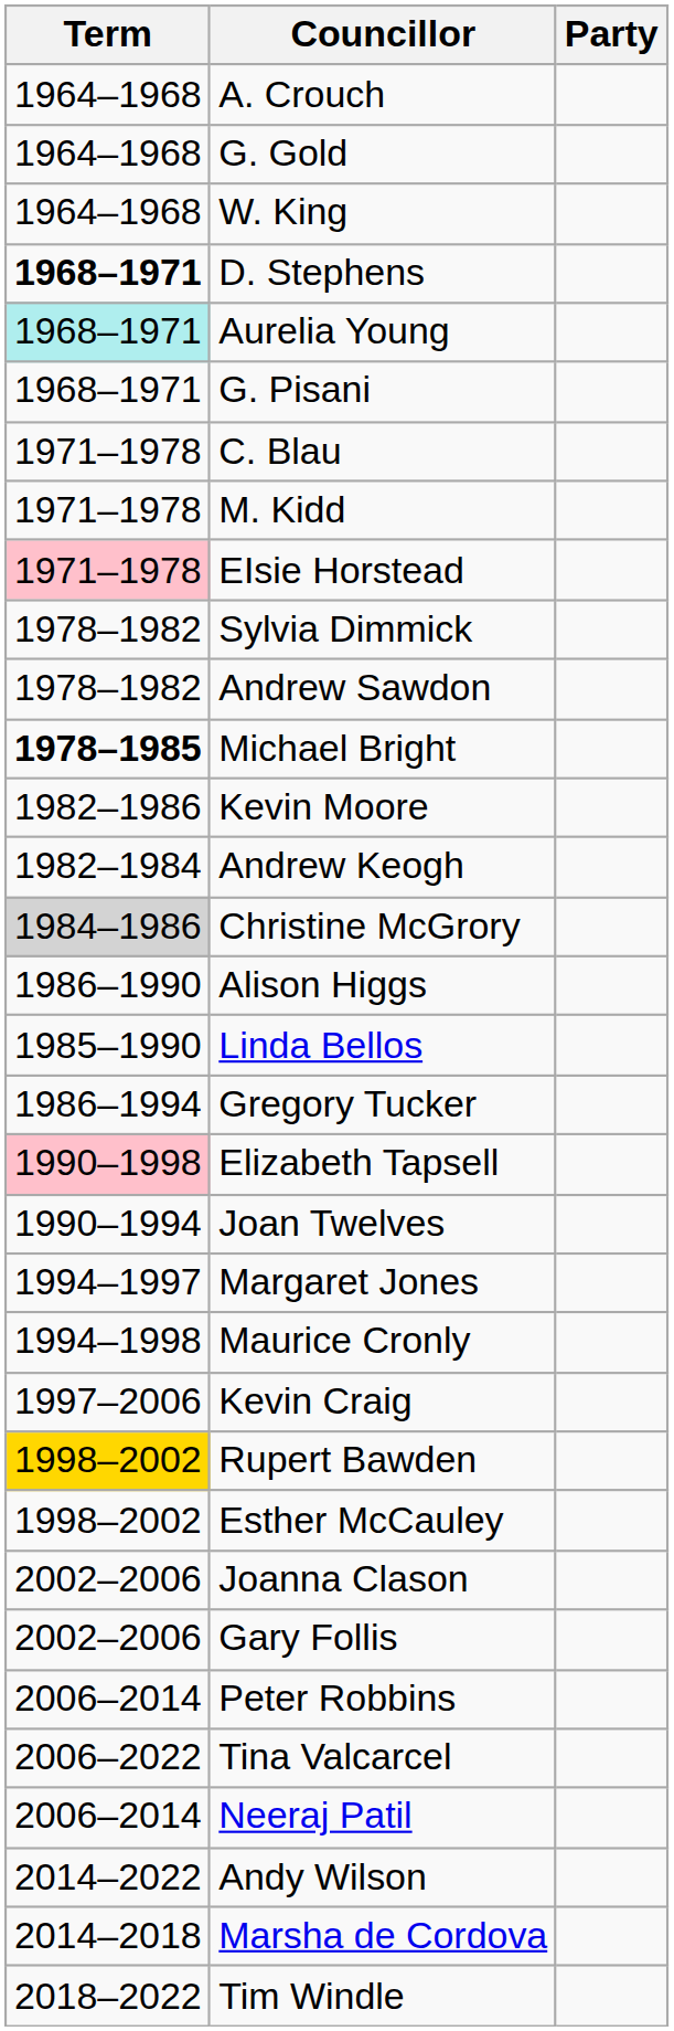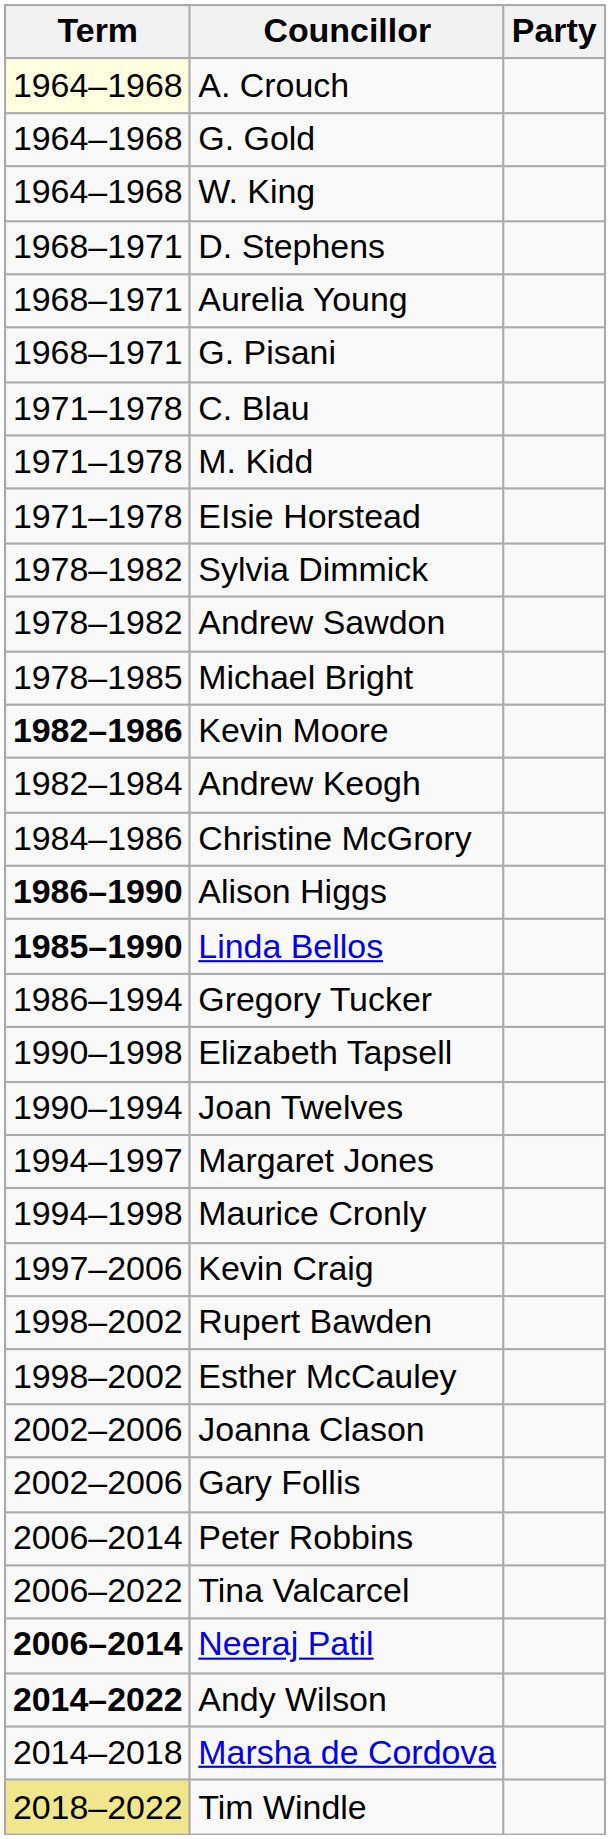 <table class="wikitable">
 <tr>
 <th>Term</th>
 <th>Councillor</th>
 <th colspan=2>Party</th>
 </tr>
 <tr>
-<td>1964–1968</td>
+<td style="background: lightyellow;">1964–1968</td>
 <td>A. Crouch</td>
 <td></td>
 </tr>
 <tr>
 <td>1964–1968</td>
 <td>G. Gold</td>
 <td></td>
 </tr>
 <tr>
 <td>1964–1968</td>
 <td>W. King</td>
 <td></td>
 </tr>
 <tr>
-<td><strong>1968–1971</strong></td>
+<td>1968–1971</td>
 <td>D. Stephens</td>
 <td></td>
 </tr>
 <tr>
-<td style="background: paleturquoise;">1968–1971</td>
+<td>1968–1971</td>
 <td>Aurelia Young</td>
 <td></td>
 </tr>
 <tr>
 <td>1968–1971</td>
 <td>G. Pisani</td>
 <td></td>
 </tr>
 <tr>
 <td>1971–1978</td>
 <td>C. Blau</td>
 <td></td>
 </tr>
 <tr>
 <td>1971–1978</td>
 <td>M. Kidd</td>
 <td></td>
 </tr>
 <tr>
-<td style="background: pink;">1971–1978</td>
+<td>1971–1978</td>
 <td>EIsie Horstead</td>
 <td></td>
 </tr>
 <tr>
 <td>1978–1982</td>
 <td>Sylvia Dimmick</td>
 <td></td>
 </tr>
 <tr>
 <td>1978–1982</td>
 <td>Andrew Sawdon</td>
 <td></td>
 </tr>
 <tr>
-<td><strong>1978–1985</strong></td>
+<td>1978–1985</td>
 <td>Michael Bright</td>
 <td></td>
 </tr>
 <tr>
-<td>1982–1986</td>
+<td><strong>1982–1986</strong></td>
 <td>Kevin Moore</td>
 <td></td>
 </tr>
 <tr>
 <td>1982–1984</td>
 <td>Andrew Keogh</td>
 <td></td>
 </tr>
 <tr>
-<td style="background: lightgrey;">1984–1986</td>
+<td>1984–1986</td>
 <td>Christine McGrory</td>
 <td></td>
 </tr>
 <tr>
-<td>1986–1990</td>
+<td><strong>1986–1990</strong></td>
 <td>Alison Higgs</td>
 <td></td>
 </tr>
 <tr>
-<td>1985–1990</td>
+<td><strong>1985–1990</strong></td>
 <td><a href='#'>Linda Bellos</a></td>
 <td></td>
 </tr>
 <tr>
 <td>1986–1994</td>
 <td>Gregory Tucker</td>
 <td></td>
 </tr>
 <tr>
-<td style="background: pink;">1990–1998</td>
+<td>1990–1998</td>
 <td>Elizabeth Tapsell</td>
 <td></td>
 </tr>
 <tr>
 <td>1990–1994</td>
 <td>Joan Twelves</td>
 <td></td>
 </tr>
 <tr>
 <td>1994–1997</td>
 <td>Margaret Jones</td>
 <td></td>
 </tr>
 <tr>
 <td>1994–1998</td>
 <td>Maurice Cronly</td>
 <td></td>
 </tr>
 <tr>
 <td>1997–2006</td>
 <td>Kevin Craig</td>
 <td></td>
 </tr>
 <tr>
-<td style="background: gold;">1998–2002</td>
+<td>1998–2002</td>
 <td>Rupert Bawden</td>
 <td></td>
 </tr>
 <tr>
 <td>1998–2002</td>
 <td>Esther McCauley</td>
 <td></td>
 </tr>
 <tr>
 <td>2002–2006</td>
 <td>Joanna Clason</td>
 <td></td>
 </tr>
 <tr>
 <td>2002–2006</td>
 <td>Gary Follis</td>
 <td></td>
 </tr>
 <tr>
 <td>2006–2014</td>
 <td>Peter Robbins</td>
 <td></td>
 </tr>
 <tr>
 <td>2006–2022</td>
 <td>Tina Valcarcel</td>
 <td></td>
 </tr>
 <tr>
-<td>2006–2014</td>
+<td><strong>2006–2014</strong></td>
 <td><a href='#'>Neeraj Patil</a></td>
 <td></td>
 </tr>
 <tr>
-<td>2014–2022</td>
+<td><strong>2014–2022</strong></td>
 <td>Andy Wilson</td>
 <td></td>
 </tr>
 <tr>
 <td>2014–2018</td>
 <td><a href='#'>Marsha de Cordova</a></td>
 <td></td>
 </tr>
 <tr>
-<td>2018–2022</td>
+<td style="background: khaki;">2018–2022</td>
 <td>Tim Windle</td>
 <td></td>
 </tr>
 </table>
